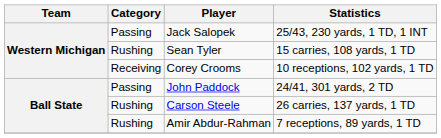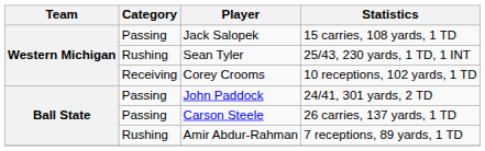 <table class="wikitable" style="float: left;">
 <tr>
 <th>Team</th>
 <th>Category</th>
 <th>Player</th>
 <th>Statistics</th>
 </tr>
 <tr>
 <th rowspan=3>Western Michigan</th>
 <td>Passing</td>
 <td>Jack Salopek</td>
-<td>25/43, 230 yards, 1 TD, 1 INT</td>
+<td>15 carries, 108 yards, 1 TD</td>
 </tr>
 <tr>
 <td>Rushing</td>
 <td>Sean Tyler</td>
-<td>15 carries, 108 yards, 1 TD</td>
+<td>25/43, 230 yards, 1 TD, 1 INT</td>
 </tr>
 <tr>
 <td>Receiving</td>
 <td>Corey Crooms</td>
 <td>10 receptions, 102 yards, 1 TD</td>
 </tr>
 <tr>
 <th rowspan=3 style=>Ball State</th>
 <td>Passing</td>
 <td><a href='#'>John Paddock</a></td>
 <td>24/41, 301 yards, 2 TD</td>
 </tr>
 <tr>
-<td>Rushing</td>
+<td>Passing</td>
 <td><a href='#'>Carson Steele</a></td>
 <td>26 carries, 137 yards, 1 TD</td>
 </tr>
 <tr>
 <td>Rushing</td>
 <td>Amir Abdur-Rahman</td>
 <td>7 receptions, 89 yards, 1 TD</td>
 </tr>
 <tr>
 </tr>
 </table>
